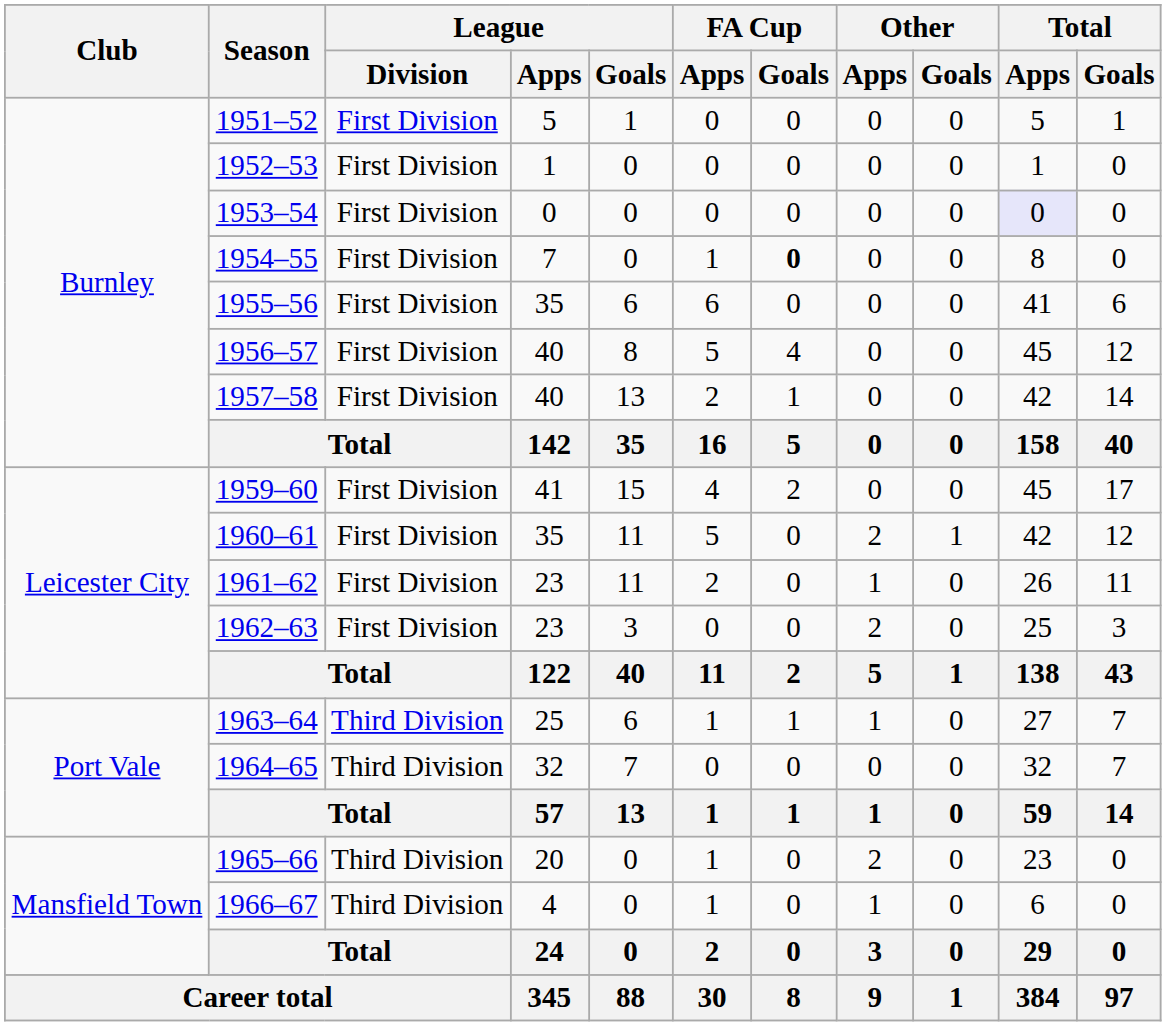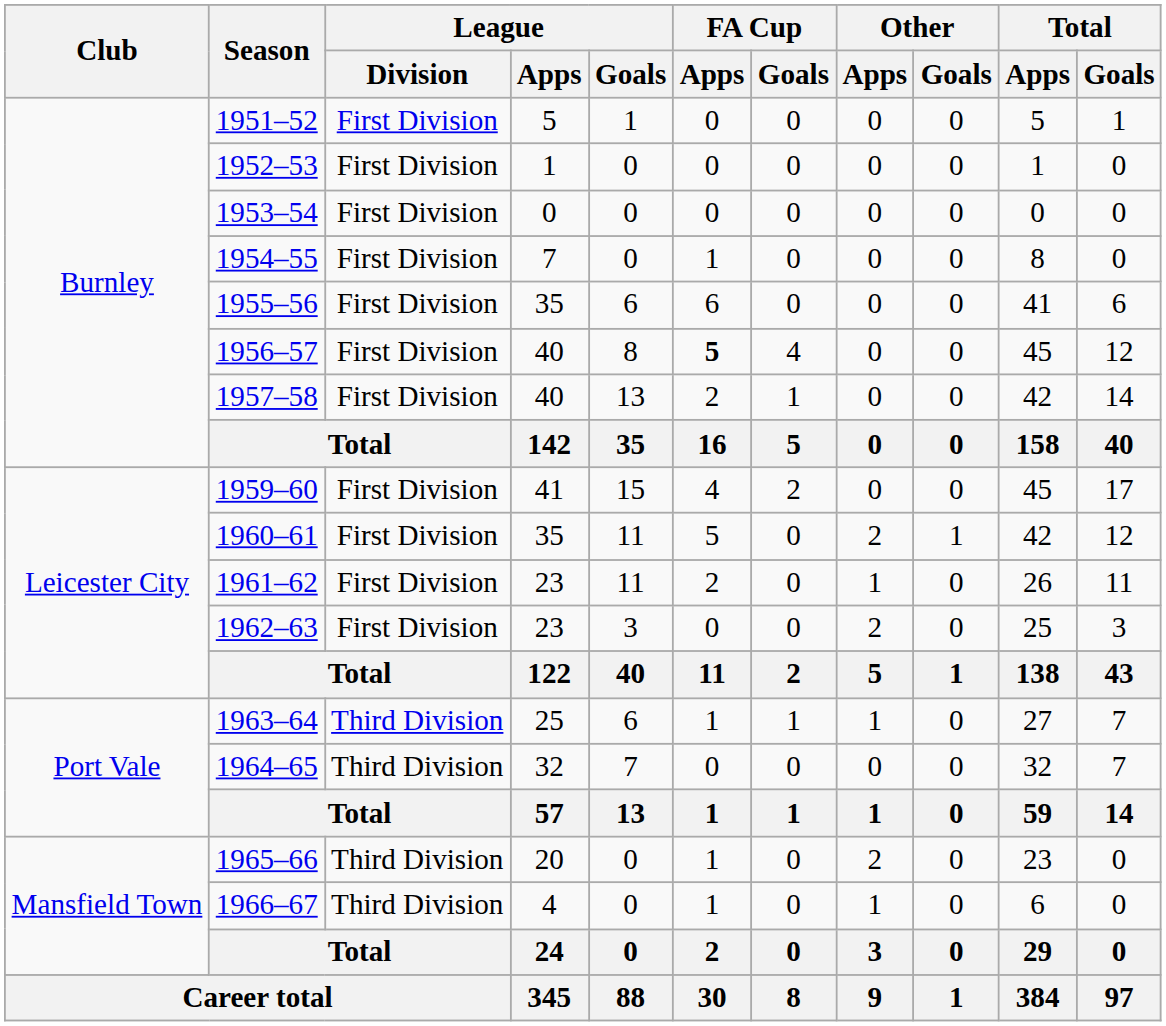 <table class="wikitable" style="text-align: center;">
 <tr>
 <th rowspan="2">Club</th>
 <th rowspan="2">Season</th>
 <th colspan="3">League</th>
 <th colspan="2">FA Cup</th>
 <th colspan="2">Other</th>
 <th colspan="2">Total</th>
 </tr>
 <tr>
 <th>Division</th>
 <th>Apps</th>
 <th>Goals</th>
 <th>Apps</th>
 <th>Goals</th>
 <th>Apps</th>
 <th>Goals</th>
 <th>Apps</th>
 <th>Goals</th>
 </tr>
 <tr>
 <td rowspan="8"><a href='#'>Burnley</a></td>
 <td><a href='#'>1951–52</a></td>
 <td><a href='#'>First Division</a></td>
 <td>5</td>
 <td>1</td>
 <td>0</td>
 <td>0</td>
 <td>0</td>
 <td>0</td>
 <td>5</td>
 <td>1</td>
 </tr>
 <tr>
 <td><a href='#'>1952–53</a></td>
 <td>First Division</td>
 <td>1</td>
 <td>0</td>
 <td>0</td>
 <td>0</td>
 <td>0</td>
 <td>0</td>
 <td>1</td>
 <td>0</td>
 </tr>
 <tr>
 <td><a href='#'>1953–54</a></td>
 <td>First Division</td>
 <td>0</td>
 <td>0</td>
 <td>0</td>
 <td>0</td>
 <td>0</td>
 <td>0</td>
-<td style="background: lavender;">0</td>
+<td>0</td>
 <td>0</td>
 </tr>
 <tr>
 <td><a href='#'>1954–55</a></td>
 <td>First Division</td>
 <td>7</td>
 <td>0</td>
 <td>1</td>
-<td><strong>0</strong></td>
+<td>0</td>
 <td>0</td>
 <td>0</td>
 <td>8</td>
 <td>0</td>
 </tr>
 <tr>
 <td><a href='#'>1955–56</a></td>
 <td>First Division</td>
 <td>35</td>
 <td>6</td>
 <td>6</td>
 <td>0</td>
 <td>0</td>
 <td>0</td>
 <td>41</td>
 <td>6</td>
 </tr>
 <tr>
 <td><a href='#'>1956–57</a></td>
 <td>First Division</td>
 <td>40</td>
 <td>8</td>
-<td>5</td>
+<td><strong>5</strong></td>
 <td>4</td>
 <td>0</td>
 <td>0</td>
 <td>45</td>
 <td>12</td>
 </tr>
 <tr>
 <td><a href='#'>1957–58</a></td>
 <td>First Division</td>
 <td>40</td>
 <td>13</td>
 <td>2</td>
 <td>1</td>
 <td>0</td>
 <td>0</td>
 <td>42</td>
 <td>14</td>
 </tr>
 <tr>
 <th colspan="2">Total</th>
 <th>142</th>
 <th>35</th>
 <th>16</th>
 <th>5</th>
 <th>0</th>
 <th>0</th>
 <th>158</th>
 <th>40</th>
 </tr>
 <tr>
 <td rowspan="5"><a href='#'>Leicester City</a></td>
 <td><a href='#'>1959–60</a></td>
 <td>First Division</td>
 <td>41</td>
 <td>15</td>
 <td>4</td>
 <td>2</td>
 <td>0</td>
 <td>0</td>
 <td>45</td>
 <td>17</td>
 </tr>
 <tr>
 <td><a href='#'>1960–61</a></td>
 <td>First Division</td>
 <td>35</td>
 <td>11</td>
 <td>5</td>
 <td>0</td>
 <td>2</td>
 <td>1</td>
 <td>42</td>
 <td>12</td>
 </tr>
 <tr>
 <td><a href='#'>1961–62</a></td>
 <td>First Division</td>
 <td>23</td>
 <td>11</td>
 <td>2</td>
 <td>0</td>
 <td>1</td>
 <td>0</td>
 <td>26</td>
 <td>11</td>
 </tr>
 <tr>
 <td><a href='#'>1962–63</a></td>
 <td>First Division</td>
 <td>23</td>
 <td>3</td>
 <td>0</td>
 <td>0</td>
 <td>2</td>
 <td>0</td>
 <td>25</td>
 <td>3</td>
 </tr>
 <tr>
 <th colspan="2">Total</th>
 <th>122</th>
 <th>40</th>
 <th>11</th>
 <th>2</th>
 <th>5</th>
 <th>1</th>
 <th>138</th>
 <th>43</th>
 </tr>
 <tr>
 <td rowspan="3"><a href='#'>Port Vale</a></td>
 <td><a href='#'>1963–64</a></td>
 <td><a href='#'>Third Division</a></td>
 <td>25</td>
 <td>6</td>
 <td>1</td>
 <td>1</td>
 <td>1</td>
 <td>0</td>
 <td>27</td>
 <td>7</td>
 </tr>
 <tr>
 <td><a href='#'>1964–65</a></td>
 <td>Third Division</td>
 <td>32</td>
 <td>7</td>
 <td>0</td>
 <td>0</td>
 <td>0</td>
 <td>0</td>
 <td>32</td>
 <td>7</td>
 </tr>
 <tr>
 <th colspan="2">Total</th>
 <th>57</th>
 <th>13</th>
 <th>1</th>
 <th>1</th>
 <th>1</th>
 <th>0</th>
 <th>59</th>
 <th>14</th>
 </tr>
 <tr>
 <td rowspan="3"><a href='#'>Mansfield Town</a></td>
 <td><a href='#'>1965–66</a></td>
 <td>Third Division</td>
 <td>20</td>
 <td>0</td>
 <td>1</td>
 <td>0</td>
 <td>2</td>
 <td>0</td>
 <td>23</td>
 <td>0</td>
 </tr>
 <tr>
 <td><a href='#'>1966–67</a></td>
 <td>Third Division</td>
 <td>4</td>
 <td>0</td>
 <td>1</td>
 <td>0</td>
 <td>1</td>
 <td>0</td>
 <td>6</td>
 <td>0</td>
 </tr>
 <tr>
 <th colspan="2">Total</th>
 <th>24</th>
 <th>0</th>
 <th>2</th>
 <th>0</th>
 <th>3</th>
 <th>0</th>
 <th>29</th>
 <th>0</th>
 </tr>
 <tr>
 <th colspan="3">Career total</th>
 <th>345</th>
 <th>88</th>
 <th>30</th>
 <th>8</th>
 <th>9</th>
 <th>1</th>
 <th>384</th>
 <th>97</th>
 </tr>
 </table>
